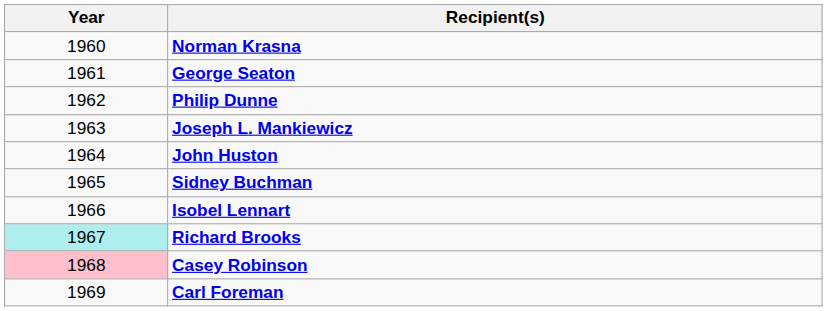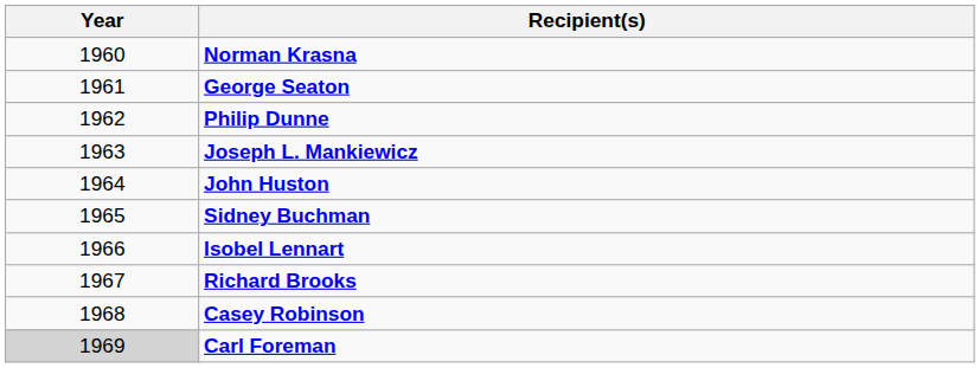 <table class="wikitable" style="width: 60%;">
 <tr>
 <th width="20%">Year</th>
 <th width="80%">Recipient(s)</th>
 </tr>
 <tr>
 <td style="text-align:center;">1960</td>
 <td><strong><a href='#'>Norman Krasna</a></strong></td>
 </tr>
 <tr>
 <td style="text-align:center;">1961</td>
 <td><strong><a href='#'>George Seaton</a></strong></td>
 </tr>
 <tr>
 <td style="text-align:center;">1962</td>
 <td><strong><a href='#'>Philip Dunne</a></strong></td>
 </tr>
 <tr>
 <td style="text-align:center;">1963</td>
 <td><strong><a href='#'>Joseph L. Mankiewicz</a></strong></td>
 </tr>
 <tr>
 <td style="text-align:center;">1964</td>
 <td><strong><a href='#'>John Huston</a></strong></td>
 </tr>
 <tr>
 <td style="text-align:center;">1965</td>
 <td><strong><a href='#'>Sidney Buchman</a></strong></td>
 </tr>
 <tr>
 <td style="text-align:center;">1966</td>
 <td><strong><a href='#'>Isobel Lennart</a></strong></td>
 </tr>
 <tr>
-<td style="background: paleturquoise; text-align:center;">1967</td>
+<td style="text-align:center;">1967</td>
 <td><strong><a href='#'>Richard Brooks</a></strong></td>
 </tr>
 <tr>
-<td style="background: pink; text-align:center;">1968</td>
+<td style="text-align:center;">1968</td>
 <td><strong><a href='#'>Casey Robinson</a></strong></td>
 </tr>
 <tr>
-<td style="text-align:center;">1969</td>
+<td style="background: lightgrey; text-align:center;">1969</td>
 <td><strong><a href='#'>Carl Foreman</a></strong></td>
 </tr>
 </table>
